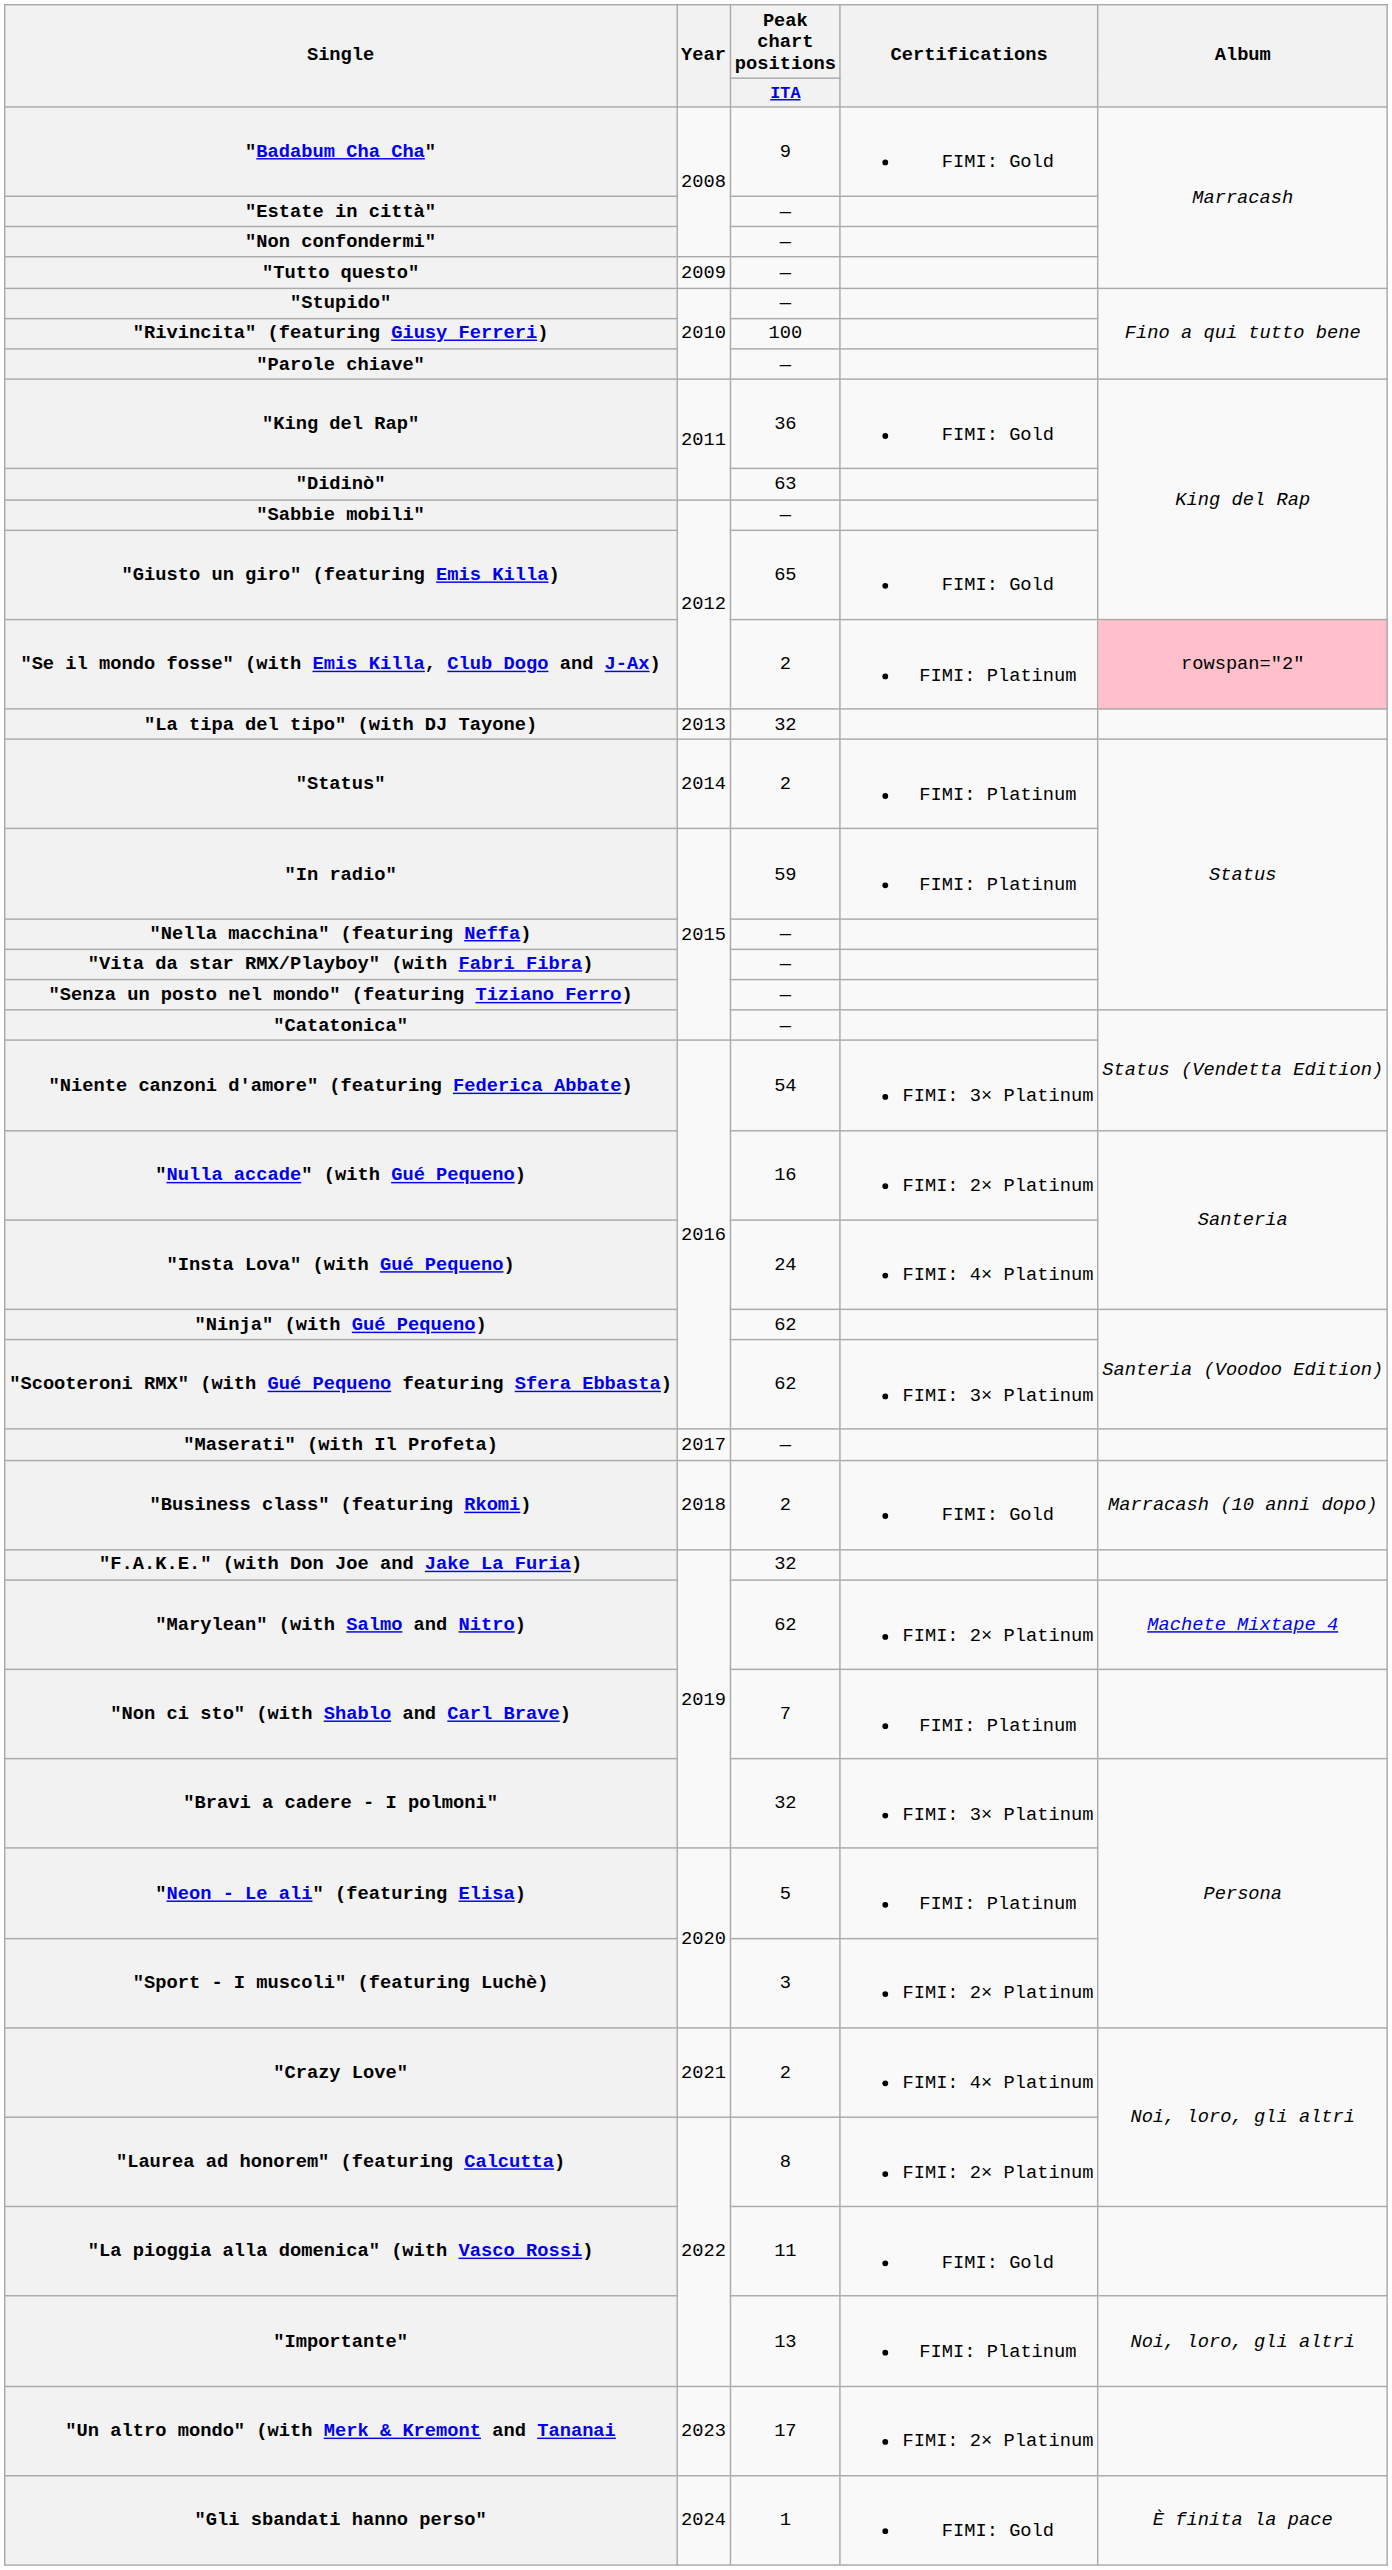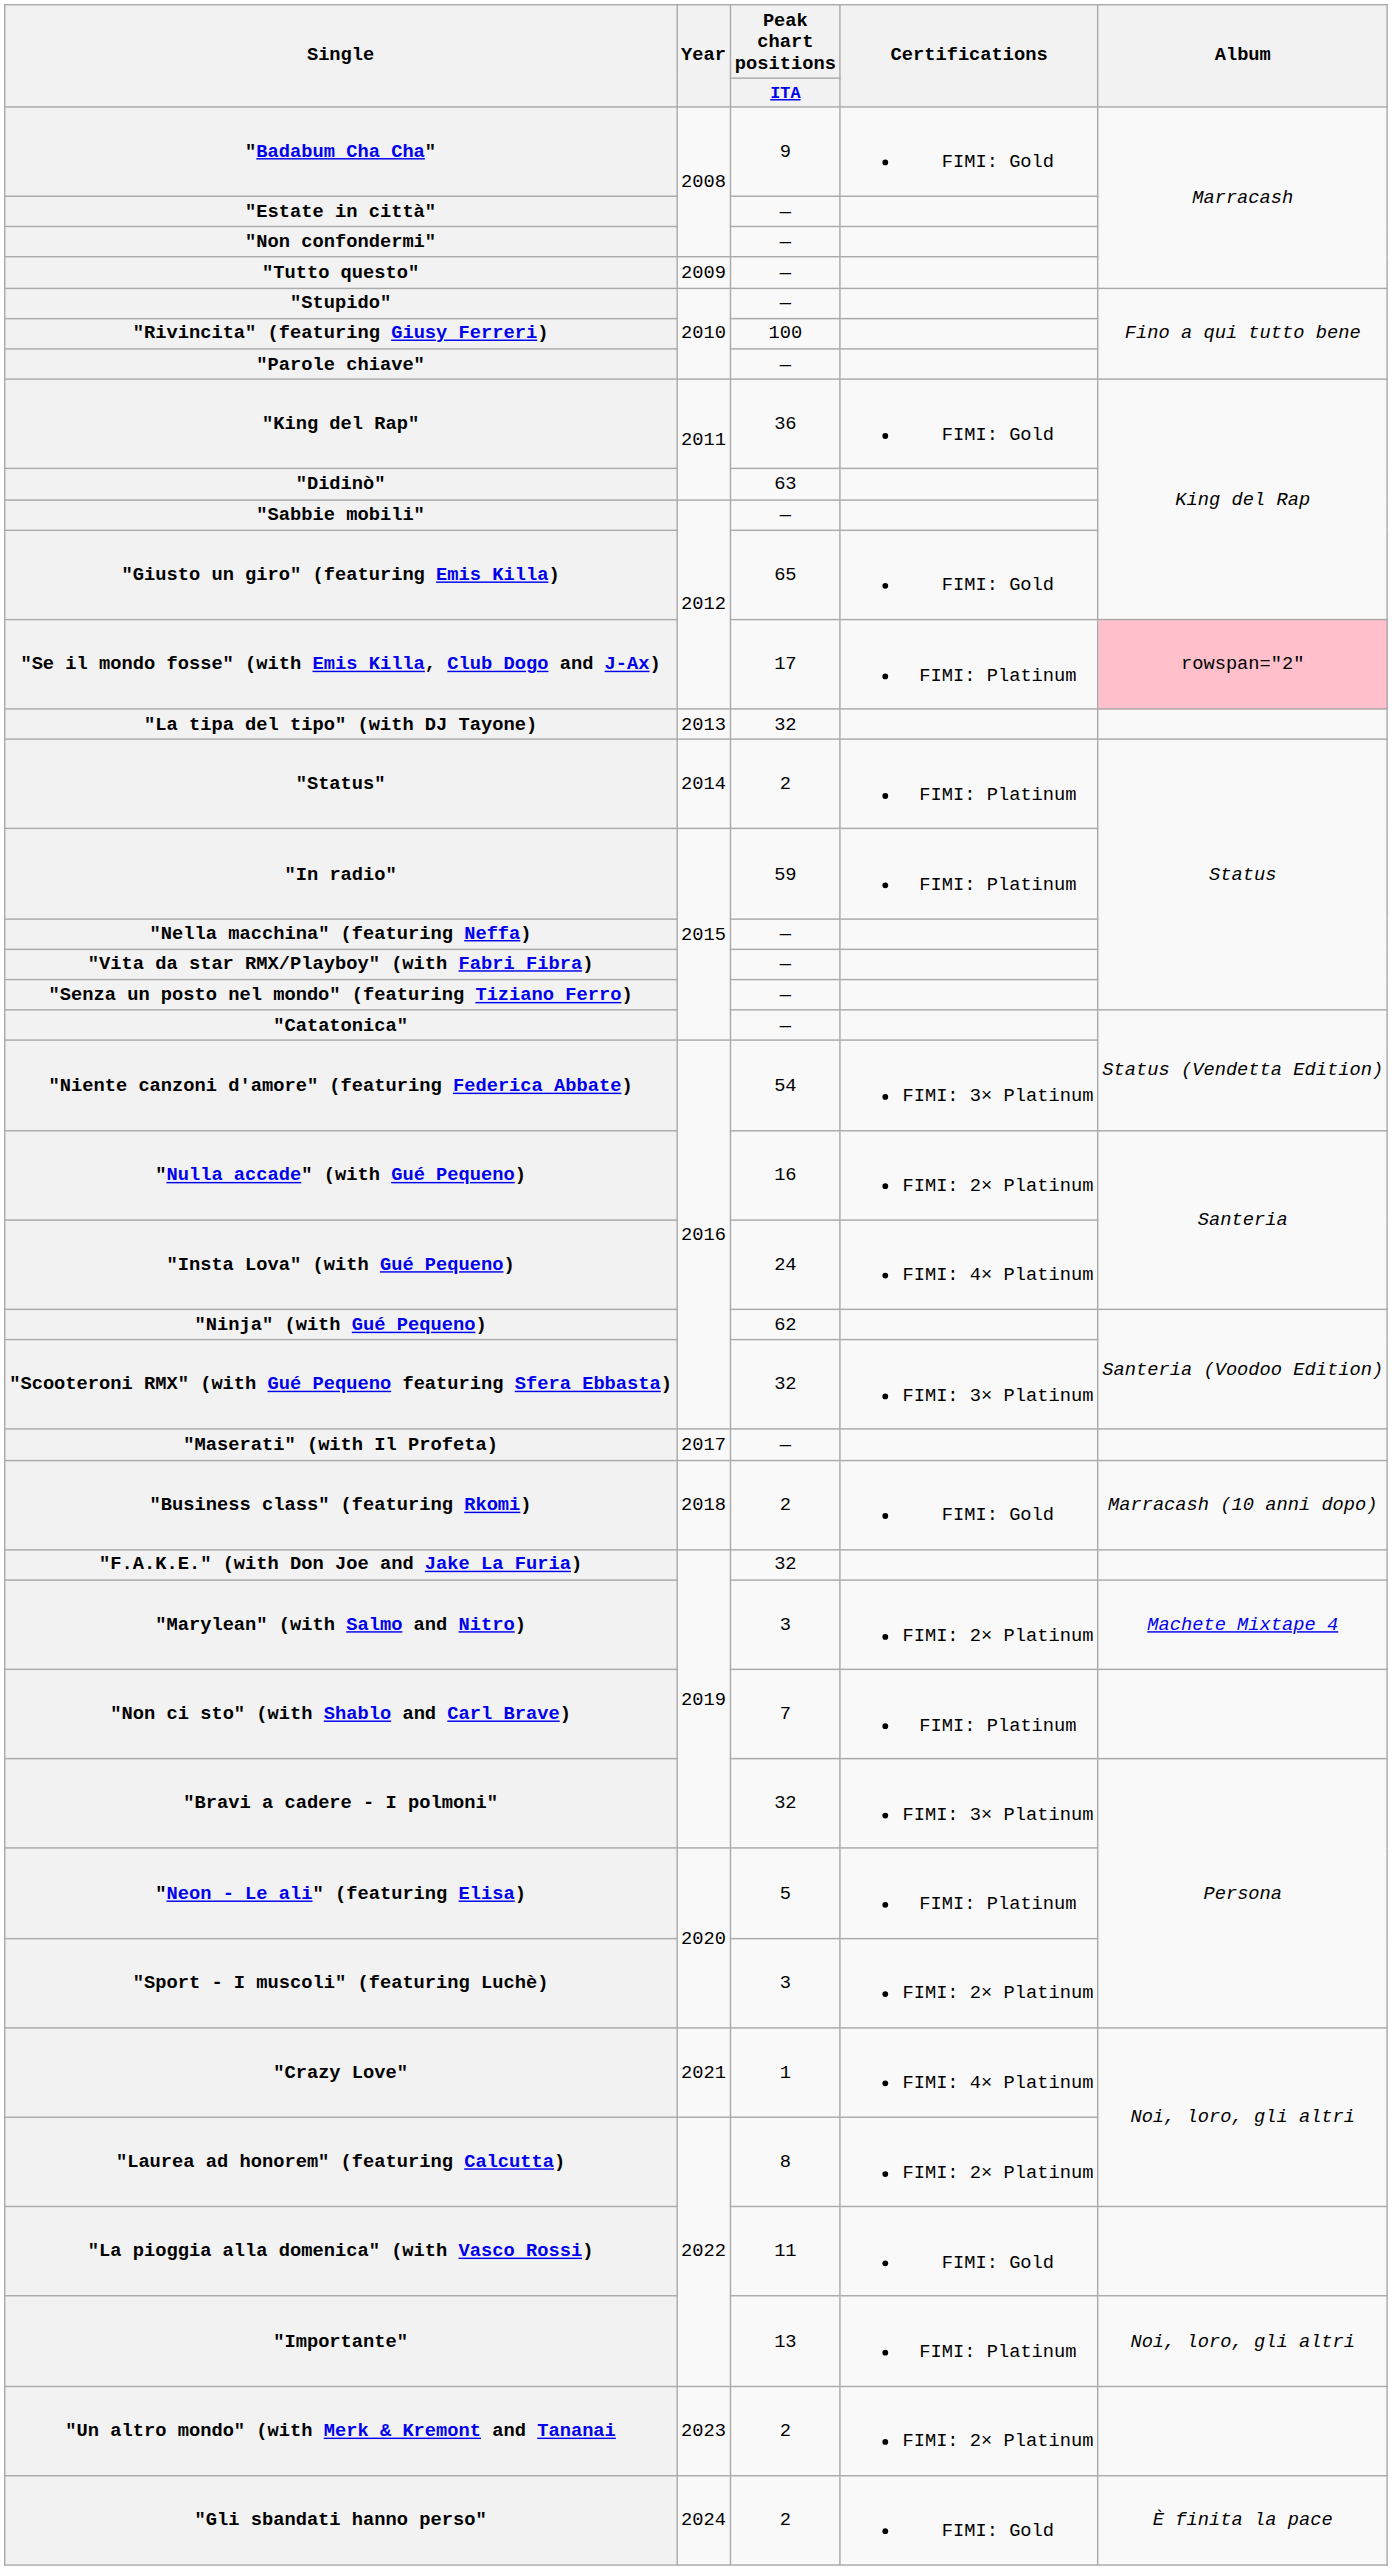 <table class="wikitable plainrowheaders" style="text-align:center;">
 <tr>
 <th scope="col" rowspan="2">Single</th>
 <th scope="col" rowspan="2">Year</th>
 <th scope="col" colspan="1">Peak chart positions</th>
 <th scope="col" rowspan="2">Certifications</th>
 <th scope="col" rowspan="2">Album</th>
 </tr>
 <tr>
 <th scope="col" style="width:3em;font-size:90%;"><a href='#'>ITA</a><br></th>
 </tr>
 <tr>
 <th scope="row">"<a href='#'>Badabum Cha Cha</a>"</th>
 <td rowspan="3">2008</td>
 <td>9</td>
 <td><br><ul><li>FIMI: Gold</li></ul></td>
 <td rowspan="4"><em>Marracash</em></td>
 </tr>
 <tr>
 <th scope="row">"Estate in città"</th>
 <td>—</td>
 <td></td>
 </tr>
 <tr>
 <th scope="row">"Non confondermi"</th>
 <td>—</td>
 <td></td>
 </tr>
 <tr>
 <th scope="row">"Tutto questo"</th>
 <td>2009</td>
 <td>—</td>
 <td></td>
 </tr>
 <tr>
 <th scope="row">"Stupido"</th>
 <td rowspan="3">2010</td>
 <td>—</td>
 <td></td>
 <td rowspan="3"><em>Fino a qui tutto bene</em></td>
 </tr>
 <tr>
 <th scope="row">"Rivincita" (featuring <a href='#'>Giusy Ferreri</a>)</th>
 <td>100</td>
 <td></td>
 </tr>
 <tr>
 <th scope="row">"Parole chiave"</th>
 <td>—</td>
 <td></td>
 </tr>
 <tr>
 <th scope="row">"King del Rap"</th>
 <td rowspan="2">2011</td>
 <td>36</td>
 <td><br><ul><li>FIMI: Gold</li></ul></td>
 <td rowspan="4"><em>King del Rap</em></td>
 </tr>
 <tr>
 <th scope="row">"Didinò"</th>
 <td>63</td>
 <td></td>
 </tr>
 <tr>
 <th scope="row">"Sabbie mobili"</th>
 <td rowspan="3">2012</td>
 <td>—</td>
 <td></td>
 </tr>
 <tr>
 <th scope="row">"Giusto un giro" (featuring <a href='#'>Emis Killa</a>)</th>
 <td>65</td>
 <td><br><ul><li>FIMI: Gold</li></ul></td>
 </tr>
 <tr>
 <th scope="row">"Se il mondo fosse" (with <a href='#'>Emis Killa</a>, <a href='#'>Club Dogo</a> and <a href='#'>J-Ax</a>)</th>
-<td>2</td>
+<td>17</td>
 <td><br><ul><li>FIMI: Platinum</li></ul></td>
 <td style="background: pink;">rowspan="2" </td>
 </tr>
 <tr>
 <th scope="row">"La tipa del tipo" (with DJ Tayone)</th>
 <td>2013</td>
 <td>32</td>
 <td></td>
 </tr>
 <tr>
 <th scope="row">"Status"</th>
 <td>2014</td>
 <td>2</td>
 <td><br><ul><li>FIMI: Platinum</li></ul></td>
 <td rowspan="5"><em>Status</em></td>
 </tr>
 <tr>
 <th scope="row">"In radio"</th>
 <td rowspan="5">2015</td>
 <td>59</td>
 <td><br><ul><li>FIMI: Platinum</li></ul></td>
 </tr>
 <tr>
 <th scope="row">"Nella macchina" (featuring <a href='#'>Neffa</a>)</th>
 <td>—</td>
 <td></td>
 </tr>
 <tr>
 <th scope="row">"Vita da star RMX/Playboy" (with <a href='#'>Fabri Fibra</a>)</th>
 <td>—</td>
 <td></td>
 </tr>
 <tr>
 <th scope="row">"Senza un posto nel mondo" (featuring <a href='#'>Tiziano Ferro</a>)</th>
 <td>—</td>
 <td></td>
 </tr>
 <tr>
 <th scope="row">"Catatonica"</th>
 <td>—</td>
 <td></td>
 <td rowspan="2"><em>Status (Vendetta Edition)</em></td>
 </tr>
 <tr>
 <th scope="row">"Niente canzoni d'amore" (featuring <a href='#'>Federica Abbate</a>)</th>
 <td rowspan="5">2016</td>
 <td>54</td>
 <td><br><ul><li>FIMI: 3× Platinum</li></ul></td>
 </tr>
 <tr>
 <th scope="row">"<a href='#'>Nulla accade</a>" (with <a href='#'>Gué Pequeno</a>)</th>
 <td>16</td>
 <td><br><ul><li>FIMI: 2× Platinum</li></ul></td>
 <td rowspan="2"><em>Santeria</em></td>
 </tr>
 <tr>
 <th scope="row">"Insta Lova" (with <a href='#'>Gué Pequeno</a>)</th>
 <td>24</td>
 <td><br><ul><li>FIMI: 4× Platinum</li></ul></td>
 </tr>
 <tr>
 <th scope="row">"Ninja" (with <a href='#'>Gué Pequeno</a>)</th>
 <td>62</td>
 <td></td>
 <td rowspan="2"><em>Santeria (Voodoo Edition)</em></td>
 </tr>
 <tr>
 <th scope="row">"Scooteroni RMX" (with <a href='#'>Gué Pequeno</a> featuring <a href='#'>Sfera Ebbasta</a>)</th>
-<td>62</td>
+<td>32</td>
 <td><br><ul><li>FIMI: 3× Platinum</li></ul></td>
 </tr>
 <tr>
 <th scope="row">"Maserati" (with Il Profeta)</th>
 <td>2017</td>
 <td>—</td>
 <td></td>
 <td></td>
 </tr>
 <tr>
 <th scope="row">"Business class" (featuring <a href='#'>Rkomi</a>)</th>
 <td>2018</td>
 <td>2</td>
 <td><br><ul><li>FIMI: Gold</li></ul></td>
 <td><em>Marracash (10 anni dopo)</em></td>
 </tr>
 <tr>
 <th scope="row">"F.A.K.E." (with Don Joe and <a href='#'>Jake La Furia</a>)</th>
 <td rowspan="4">2019</td>
 <td>32</td>
 <td></td>
 <td></td>
 </tr>
 <tr>
 <th scope="row">"Marylean" (with <a href='#'>Salmo</a> and <a href='#'>Nitro</a>)</th>
-<td>62</td>
+<td>3</td>
 <td><br><ul><li>FIMI: 2× Platinum</li></ul></td>
 <td><em><a href='#'>Machete Mixtape 4</a></em></td>
 </tr>
 <tr>
 <th scope="row">"Non ci sto" (with <a href='#'>Shablo</a> and <a href='#'>Carl Brave</a>)</th>
 <td>7</td>
 <td><br><ul><li>FIMI: Platinum</li></ul></td>
 <td></td>
 </tr>
 <tr>
 <th scope="row">"Bravi a cadere - I polmoni"</th>
 <td>32</td>
 <td><br><ul><li>FIMI: 3× Platinum</li></ul></td>
 <td rowspan="3"><em>Persona</em></td>
 </tr>
 <tr>
 <th scope="row">"<a href='#'>Neon - Le ali</a>" (featuring <a href='#'>Elisa</a>)</th>
 <td rowspan="2">2020</td>
 <td>5</td>
 <td><br><ul><li>FIMI: Platinum</li></ul></td>
 </tr>
 <tr>
 <th scope="row">"Sport - I muscoli" (featuring Luchè)</th>
 <td>3</td>
 <td><br><ul><li>FIMI: 2× Platinum</li></ul></td>
 </tr>
 <tr>
 <th scope="row">"Crazy Love"</th>
 <td>2021</td>
-<td>2</td>
+<td>1</td>
 <td><br><ul><li>FIMI: 4× Platinum</li></ul></td>
 <td rowspan="2"><em>Noi, loro, gli altri</em></td>
 </tr>
 <tr>
 <th scope="row">"Laurea ad honorem" (featuring <a href='#'>Calcutta</a>)</th>
 <td rowspan="3">2022</td>
 <td>8</td>
 <td><br><ul><li>FIMI: 2× Platinum</li></ul></td>
 </tr>
 <tr>
 <th scope="row">"La pioggia alla domenica" (with <a href='#'>Vasco Rossi</a>)</th>
 <td>11</td>
 <td><br><ul><li>FIMI: Gold</li></ul></td>
 <td></td>
 </tr>
 <tr>
 <th scope="row">"Importante"</th>
 <td>13</td>
 <td><br><ul><li>FIMI: Platinum</li></ul></td>
 <td><em>Noi, loro, gli altri</em></td>
 </tr>
 <tr>
 <th scope="row">"Un altro mondo" (with <a href='#'>Merk & Kremont</a> and <a href='#'>Tananai</a></th>
 <td>2023</td>
-<td>17</td>
+<td>2</td>
 <td><br><ul><li>FIMI: 2× Platinum</li></ul></td>
 <td></td>
 </tr>
 <tr>
 <th scope="row">"Gli sbandati hanno perso"</th>
 <td>2024</td>
-<td>1</td>
+<td>2</td>
 <td><br><ul><li>FIMI: Gold</li></ul></td>
 <td><em>È finita la pace</em></td>
 </tr>
 </table>
